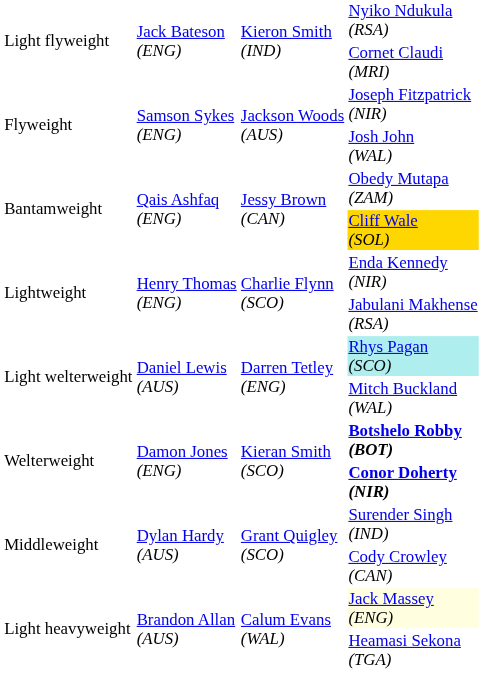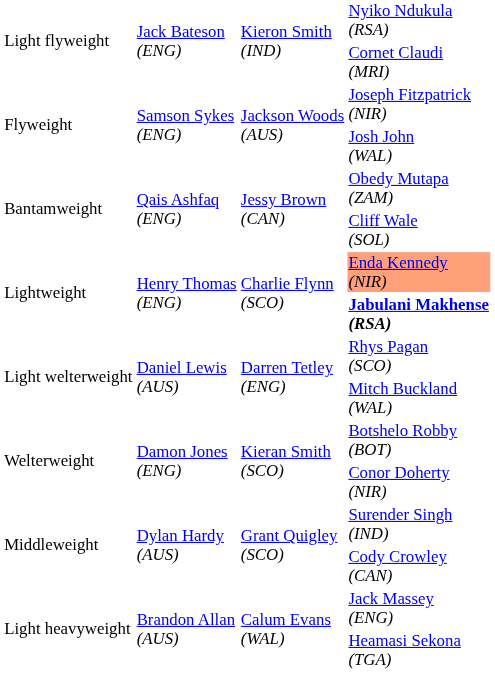 <table>
 <tr>
 <td rowspan=2>Light flyweight</td>
 <td rowspan=2><a href='#'>Jack Bateson</a><br><em> (ENG)</em></td>
 <td rowspan=2><a href='#'>Kieron Smith</a><br><em> (IND)</em></td>
 <td><a href='#'>Nyiko Ndukula</a><br><em> (RSA)</em></td>
 </tr>
 <tr>
 <td><a href='#'>Cornet Claudi</a><br><em> (MRI)</em></td>
 </tr>
 <tr>
 <td rowspan=2>Flyweight</td>
 <td rowspan=2><a href='#'>Samson Sykes</a><br><em> (ENG)</em></td>
 <td rowspan=2><a href='#'>Jackson Woods</a><br><em> (AUS)</em></td>
 <td><a href='#'>Joseph Fitzpatrick</a><br><em> (NIR)</em></td>
 </tr>
 <tr>
 <td><a href='#'>Josh John</a><br><em> (WAL)</em></td>
 </tr>
 <tr>
 <td rowspan=2>Bantamweight</td>
 <td rowspan=2><a href='#'>Qais Ashfaq</a><br><em> (ENG)</em></td>
 <td rowspan=2><a href='#'>Jessy Brown</a><br><em> (CAN)</em></td>
 <td><a href='#'>Obedy Mutapa</a><br><em> (ZAM)</em></td>
 </tr>
 <tr>
-<td style="background: gold;"><a href='#'>Cliff Wale</a><br><em> (SOL)</em></td>
+<td><a href='#'>Cliff Wale</a><br><em> (SOL)</em></td>
 </tr>
 <tr>
 <td rowspan=2>Lightweight</td>
 <td rowspan=2><a href='#'>Henry Thomas</a><br><em> (ENG)</em></td>
 <td rowspan=2><a href='#'>Charlie Flynn</a><br><em> (SCO)</em></td>
-<td><a href='#'>Enda Kennedy</a><br><em> (NIR)</em></td>
+<td style="background: lightsalmon;"><a href='#'>Enda Kennedy</a><br><em> (NIR)</em></td>
 </tr>
 <tr>
-<td><a href='#'>Jabulani Makhense</a><br><em> (RSA)</em></td>
+<td><strong><a href='#'>Jabulani Makhense</a><br><em> (RSA)</em></strong></td>
 </tr>
 <tr>
 <td rowspan=2>Light welterweight</td>
 <td rowspan=2><a href='#'>Daniel Lewis</a><br><em> (AUS)</em></td>
 <td rowspan=2><a href='#'>Darren Tetley</a><br><em> (ENG)</em></td>
-<td style="background: paleturquoise;"><a href='#'>Rhys Pagan</a><br><em> (SCO)</em></td>
+<td><a href='#'>Rhys Pagan</a><br><em> (SCO)</em></td>
 </tr>
 <tr>
 <td><a href='#'>Mitch Buckland</a><br><em> (WAL)</em></td>
 </tr>
 <tr>
 <td rowspan=2>Welterweight</td>
 <td rowspan=2><a href='#'>Damon Jones</a><br><em> (ENG)</em></td>
 <td rowspan=2><a href='#'>Kieran Smith</a><br><em> (SCO)</em></td>
-<td><strong><a href='#'>Botshelo Robby</a><br><em> (BOT)</em></strong></td>
+<td><a href='#'>Botshelo Robby</a><br><em> (BOT)</em></td>
 </tr>
 <tr>
-<td><strong><a href='#'>Conor Doherty</a><br><em> (NIR)</em></strong></td>
+<td><a href='#'>Conor Doherty</a><br><em> (NIR)</em></td>
 </tr>
 <tr>
 <td rowspan=2>Middleweight</td>
 <td rowspan=2><a href='#'>Dylan Hardy</a><br><em> (AUS)</em></td>
 <td rowspan=2><a href='#'>Grant Quigley</a><br><em> (SCO)</em></td>
 <td><a href='#'>Surender Singh</a><br><em> (IND)</em></td>
 </tr>
 <tr>
 <td><a href='#'>Cody Crowley</a><br><em> (CAN)</em></td>
 </tr>
 <tr>
 <td rowspan=2>Light heavyweight</td>
 <td rowspan=2><a href='#'>Brandon Allan</a><br><em> (AUS)</em></td>
 <td rowspan=2><a href='#'>Calum Evans</a><br><em> (WAL)</em></td>
-<td style="background: lightyellow;"><a href='#'>Jack Massey</a><br><em> (ENG)</em></td>
+<td><a href='#'>Jack Massey</a><br><em> (ENG)</em></td>
 </tr>
 <tr>
 <td><a href='#'>Heamasi Sekona</a><br><em> (TGA)</em></td>
 </tr>
 </table>
